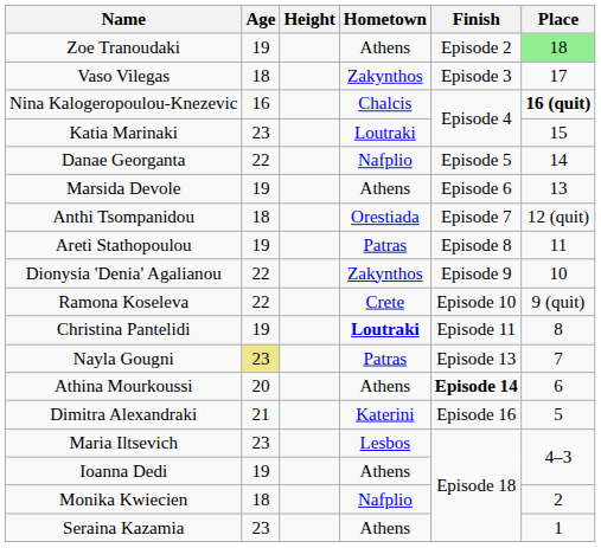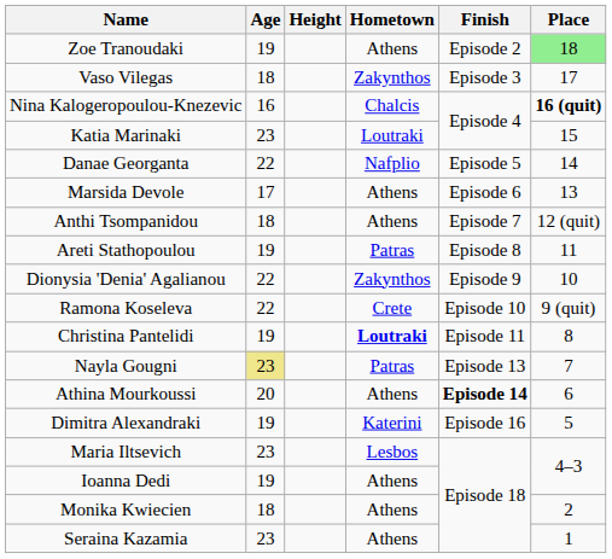 <table class="wikitable sortable" style="text-align:center;">
 <tr>
 <th>Name</th>
 <th>Age</th>
 <th>Height</th>
 <th>Hometown</th>
 <th>Finish</th>
 <th>Place</th>
 </tr>
 <tr>
 <td>Zoe Tranoudaki</td>
 <td>19</td>
 <td></td>
 <td>Athens</td>
 <td>Episode 2</td>
 <td style="background: lightgreen;">18</td>
 </tr>
 <tr>
 <td>Vaso Vilegas</td>
 <td>18</td>
 <td></td>
 <td><a href='#'>Zakynthos</a></td>
 <td>Episode 3</td>
 <td>17</td>
 </tr>
 <tr>
 <td>Nina Kalogeropoulou-Knezevic</td>
 <td>16</td>
 <td></td>
 <td><a href='#'>Chalcis</a></td>
 <td rowspan="2">Episode 4</td>
 <td><strong>16 (quit)</strong></td>
 </tr>
 <tr>
 <td>Katia Marinaki</td>
 <td>23</td>
 <td></td>
 <td><a href='#'>Loutraki</a></td>
 <td>15</td>
 </tr>
 <tr>
 <td>Danae Georganta</td>
 <td>22</td>
 <td></td>
 <td><a href='#'>Nafplio</a></td>
 <td>Episode 5</td>
 <td>14</td>
 </tr>
 <tr>
 <td>Marsida Devole</td>
-<td>19</td>
+<td>17</td>
 <td =></td>
 <td>Athens</td>
 <td>Episode 6</td>
 <td>13</td>
 </tr>
 <tr>
 <td>Anthi Tsompanidou</td>
 <td>18</td>
 <td></td>
-<td><a href='#'>Orestiada</a></td>
+<td>Athens</td>
 <td>Episode 7</td>
 <td>12 (quit)</td>
 </tr>
 <tr>
 <td>Areti Stathopoulou</td>
 <td>19</td>
 <td></td>
 <td><a href='#'>Patras</a></td>
 <td>Episode 8</td>
 <td>11</td>
 </tr>
 <tr>
 <td>Dionysia 'Denia' Agalianou</td>
 <td>22</td>
 <td></td>
 <td><a href='#'>Zakynthos</a></td>
 <td>Episode 9</td>
 <td>10</td>
 </tr>
 <tr>
 <td>Ramona Koseleva</td>
 <td>22</td>
 <td></td>
 <td><a href='#'>Crete</a></td>
 <td>Episode 10</td>
 <td>9 (quit)</td>
 </tr>
 <tr>
 <td>Christina Pantelidi</td>
 <td>19</td>
 <td></td>
 <td><strong><a href='#'>Loutraki</a></strong></td>
 <td>Episode 11</td>
 <td>8</td>
 </tr>
 <tr>
 <td>Nayla Gougni</td>
 <td style="background: khaki;">23</td>
 <td></td>
 <td><a href='#'>Patras</a></td>
 <td>Episode 13</td>
 <td>7</td>
 </tr>
 <tr>
 <td>Athina Mourkoussi</td>
 <td>20</td>
 <td></td>
 <td>Athens</td>
 <td><strong>Episode 14</strong></td>
 <td>6</td>
 </tr>
 <tr>
 <td>Dimitra Alexandraki</td>
-<td>21</td>
+<td>19</td>
 <td></td>
 <td><a href='#'>Katerini</a></td>
 <td>Episode 16</td>
 <td>5</td>
 </tr>
 <tr>
 <td>Maria Iltsevich</td>
 <td>23</td>
 <td></td>
 <td><a href='#'>Lesbos</a></td>
 <td rowspan="4">Episode 18</td>
 <td rowspan="2">4–3</td>
 </tr>
 <tr>
 <td>Ioanna Dedi</td>
 <td>19</td>
 <td></td>
 <td>Athens</td>
 </tr>
 <tr>
 <td>Monika Kwiecien</td>
 <td>18</td>
 <td></td>
-<td><a href='#'>Nafplio</a></td>
+<td>Athens</td>
 <td>2</td>
 </tr>
 <tr>
 <td>Seraina Kazamia</td>
 <td>23</td>
 <td></td>
 <td>Athens</td>
 <td>1</td>
 </tr>
 </table>
